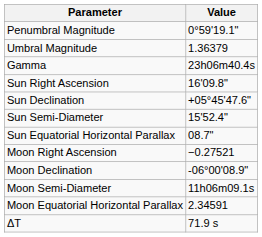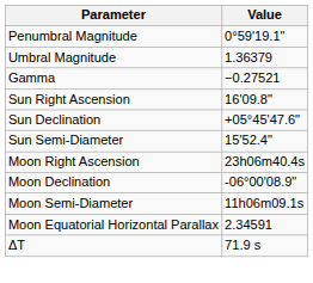 <table class="wikitable">
 <tr>
 <th>Parameter</th>
 <th>Value</th>
 </tr>
 <tr>
 <td>Penumbral Magnitude</td>
 <td>0°59'19.1"</td>
 </tr>
 <tr>
 <td>Umbral Magnitude</td>
 <td>1.36379</td>
 </tr>
 <tr>
 <td>Gamma</td>
-<td>23h06m40.4s</td>
+<td>−0.27521</td>
 </tr>
 <tr>
 <td>Sun Right Ascension</td>
 <td>16'09.8"</td>
 </tr>
 <tr>
 <td>Sun Declination</td>
 <td>+05°45'47.6"</td>
 </tr>
 <tr>
 <td>Sun Semi-Diameter</td>
 <td>15'52.4"</td>
 </tr>
 <tr>
-<td>Sun Equatorial Horizontal Parallax</td>
-<td>08.7"</td>
-</tr>
-<tr>
 <td>Moon Right Ascension</td>
-<td>−0.27521</td>
+<td>23h06m40.4s</td>
 </tr>
 <tr>
 <td>Moon Declination</td>
 <td>-06°00'08.9"</td>
 </tr>
 <tr>
 <td>Moon Semi-Diameter</td>
 <td>11h06m09.1s</td>
 </tr>
 <tr>
 <td>Moon Equatorial Horizontal Parallax</td>
 <td>2.34591</td>
 </tr>
 <tr>
 <td>ΔT</td>
 <td>71.9 s</td>
 </tr>
 </table>
